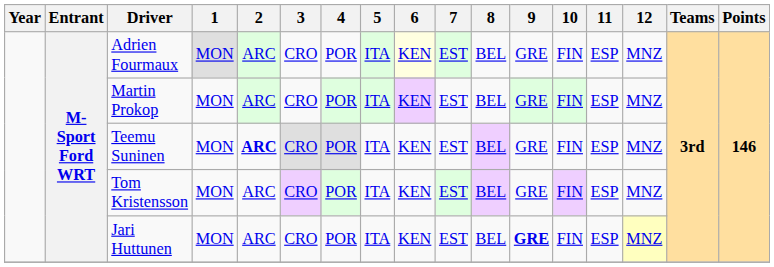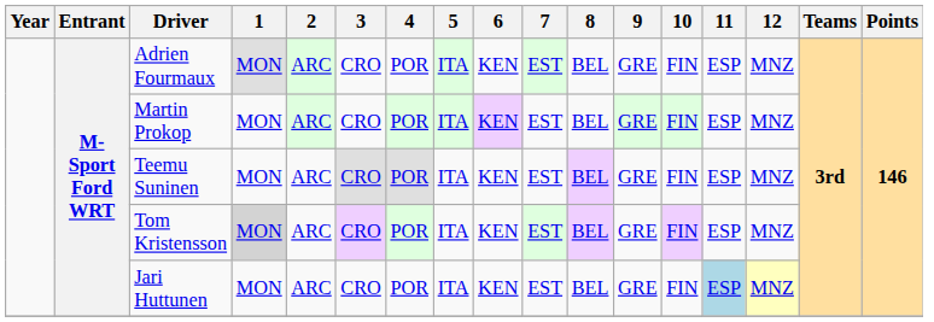 <table class="wikitable" style="text-align:center; font-size:90%">
 <tr>
 <th>Year</th>
 <th>Entrant</th>
 <th>Driver</th>
 <th>1</th>
 <th>2</th>
 <th>3</th>
 <th>4</th>
 <th>5</th>
 <th>6</th>
 <th>7</th>
 <th>8</th>
 <th>9</th>
 <th>10</th>
 <th>11</th>
 <th>12</th>
 <th>Teams</th>
 <th>Points</th>
 </tr>
 <tr>
 <td rowspan="5"></td>
 <th rowspan="5"><a href='#'>M-Sport Ford WRT</a></th>
 <td align="left"> <a href='#'>Adrien Fourmaux</a></td>
 <td style="background:#DFDFDF;"><a href='#'>MON</a><br></td>
 <td style="background:#DFFFDF;"><a href='#'>ARC</a><br></td>
 <td><a href='#'>CRO</a></td>
 <td><a href='#'>POR</a></td>
 <td style="background:#DFFFDF;"><a href='#'>ITA</a><br></td>
-<td style="background: lightyellow;"><a href='#'>KEN</a></td>
+<td><a href='#'>KEN</a></td>
 <td style="background:#dfffdf;"><a href='#'>EST</a><br></td>
 <td><a href='#'>BEL</a></td>
 <td><a href='#'>GRE</a></td>
 <td><a href='#'>FIN</a></td>
 <td><a href='#'>ESP</a></td>
 <td><a href='#'>MNZ</a></td>
 <th rowspan="5" style="background:#FFDF9F;">3rd</th>
 <th rowspan="5" style="background:#FFDF9F;">146</th>
 </tr>
 <tr>
 <td align="left"> <a href='#'>Martin Prokop</a></td>
 <td><a href='#'>MON</a></td>
 <td style="background:#DFFFDF;"><a href='#'>ARC</a><br></td>
 <td><a href='#'>CRO</a></td>
 <td style="background:#DFFFDF;"><a href='#'>POR</a><br></td>
 <td style="background:#DFFFDF;"><a href='#'>ITA</a><br></td>
 <td style="background:#EFCFFF;"><a href='#'>KEN</a><br></td>
 <td><a href='#'>EST</a></td>
 <td><a href='#'>BEL</a></td>
 <td style="background:#DFFFDF;"><a href='#'>GRE</a><br></td>
 <td style="background:#DFFFDF;"><a href='#'>FIN</a><br></td>
 <td><a href='#'>ESP</a></td>
 <td><a href='#'>MNZ</a></td>
 </tr>
 <tr>
 <td align="left"> <a href='#'>Teemu Suninen</a></td>
 <td><a href='#'>MON</a></td>
-<td><strong><a href='#'>ARC</a></strong></td>
+<td><a href='#'>ARC</a></td>
 <td style="background:#DFDFDF;"><a href='#'>CRO</a><br></td>
 <td style="background:#DFDFDF;"><a href='#'>POR</a><br></td>
 <td><a href='#'>ITA</a></td>
 <td><a href='#'>KEN</a></td>
 <td><a href='#'>EST</a></td>
 <td style="background:#EFCFFF;"><a href='#'>BEL</a><br></td>
 <td><a href='#'>GRE</a></td>
 <td><a href='#'>FIN</a></td>
 <td><a href='#'>ESP</a></td>
 <td><a href='#'>MNZ</a></td>
 </tr>
 <tr>
 <td align="left"> <a href='#'>Tom Kristensson</a></td>
-<td><a href='#'>MON</a></td>
+<td style="background: lightgrey;"><a href='#'>MON</a></td>
 <td><a href='#'>ARC</a></td>
 <td style="background:#EFCFFF;"><a href='#'>CRO</a><br></td>
 <td style="background:#DFFFDF;"><a href='#'>POR</a><br></td>
 <td><a href='#'>ITA</a></td>
 <td><a href='#'>KEN</a></td>
 <td style="background:#dfffdf;"><a href='#'>EST</a><br></td>
 <td style="background:#EFCFFF;"><a href='#'>BEL</a><br></td>
 <td><a href='#'>GRE</a></td>
 <td style="background:#EFCFFF;"><a href='#'>FIN</a><br></td>
 <td><a href='#'>ESP</a></td>
 <td><a href='#'>MNZ</a></td>
 </tr>
 <tr>
 <td align="left"> <a href='#'>Jari Huttunen</a></td>
 <td><a href='#'>MON</a></td>
 <td><a href='#'>ARC</a></td>
 <td><a href='#'>CRO</a></td>
 <td><a href='#'>POR</a></td>
 <td><a href='#'>ITA</a></td>
 <td><a href='#'>KEN</a></td>
 <td><a href='#'>EST</a></td>
 <td><a href='#'>BEL</a></td>
-<td><strong><a href='#'>GRE</a></strong></td>
+<td><a href='#'>GRE</a></td>
 <td><a href='#'>FIN</a></td>
-<td><a href='#'>ESP</a></td>
+<td style="background: lightblue;"><a href='#'>ESP</a></td>
 <td style="background:#FFFFBF"><a href='#'>MNZ</a><br></td>
 </tr>
 <tr>
 </tr>
 </table>
